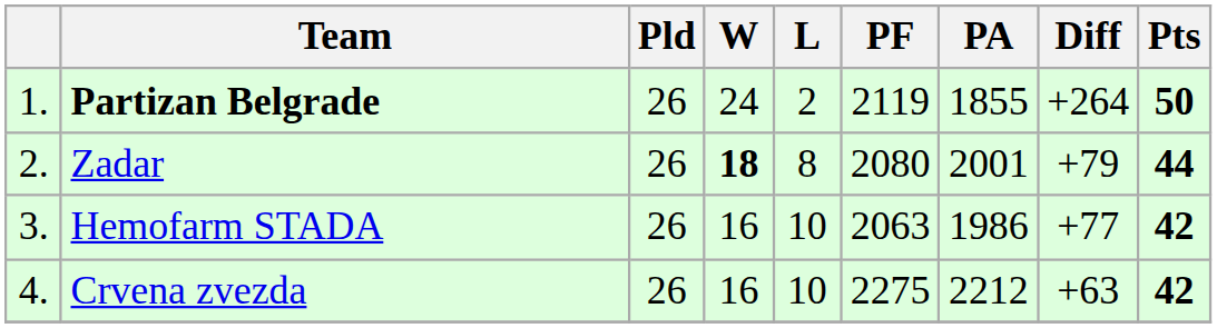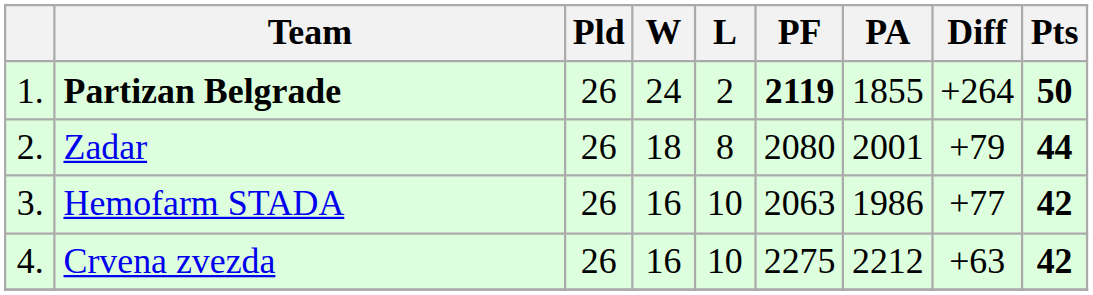 <table class="wikitable sortable" style="text-align:center">
 <tr>
 <th width=15></th>
 <th width=220>Team</th>
 <th width=20>Pld</th>
 <th width=20>W</th>
 <th width=20>L</th>
 <th width=20>PF</th>
 <th width=20>PA</th>
 <th width=30>Diff</th>
 <th width=20>Pts</th>
 </tr>
 <tr bgcolor="#ddffdd">
 <td>1.</td>
 <td align=left><strong>Partizan Belgrade</strong></td>
 <td>26</td>
 <td>24</td>
 <td>2</td>
-<td>2119</td>
+<td><strong>2119</strong></td>
 <td>1855</td>
 <td>+264</td>
 <td><strong>50</strong></td>
 </tr>
 <tr bgcolor="#ddffdd">
 <td>2.</td>
 <td align=left><a href='#'>Zadar</a></td>
 <td>26</td>
-<td><strong>18</strong></td>
+<td>18</td>
 <td>8</td>
 <td>2080</td>
 <td>2001</td>
 <td>+79</td>
 <td><strong>44</strong></td>
 </tr>
 <tr bgcolor="#ddffdd">
 <td>3.</td>
 <td align=left><a href='#'>Hemofarm STADA</a></td>
 <td>26</td>
 <td>16</td>
 <td>10</td>
 <td>2063</td>
 <td>1986</td>
 <td>+77</td>
 <td><strong>42</strong></td>
 </tr>
 <tr bgcolor="#ddffdd">
 <td>4.</td>
 <td align=left><a href='#'>Crvena zvezda</a></td>
 <td>26</td>
 <td>16</td>
 <td>10</td>
 <td>2275</td>
 <td>2212</td>
 <td>+63</td>
 <td><strong>42</strong></td>
 </tr>
 <tr bgcolor="#ddffdd">
 </tr>
 </table>
